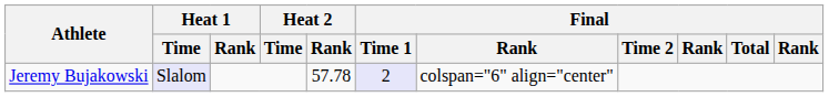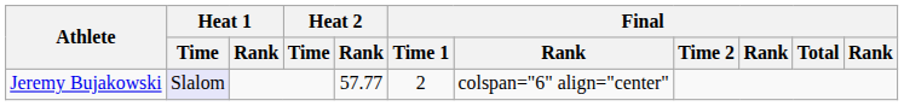 <table class="wikitable" style="font-size:90%">
 <tr>
 <th rowspan="2">Athlete</th>
 <th colspan="2">Heat 1</th>
 <th colspan="2">Heat 2</th>
 <th colspan="6">Final</th>
 </tr>
 <tr>
 <th>Time</th>
 <th>Rank</th>
 <th>Time</th>
 <th>Rank</th>
 <th>Time 1</th>
 <th>Rank</th>
 <th>Time 2</th>
 <th>Rank</th>
 <th>Total</th>
 <th>Rank</th>
 </tr>
 <tr>
 <td><a href='#'>Jeremy Bujakowski</a></td>
 <td style="background: lavender;">Slalom</td>
 <td colspan="2" align="center"></td>
-<td align="center">57.78</td>
-<td align="center" style="background: lavender;">2</td>
+<td align="center">57.77</td>
+<td align="center">2</td>
 <td>colspan="6" align="center" </td>
 </tr>
 </table>
